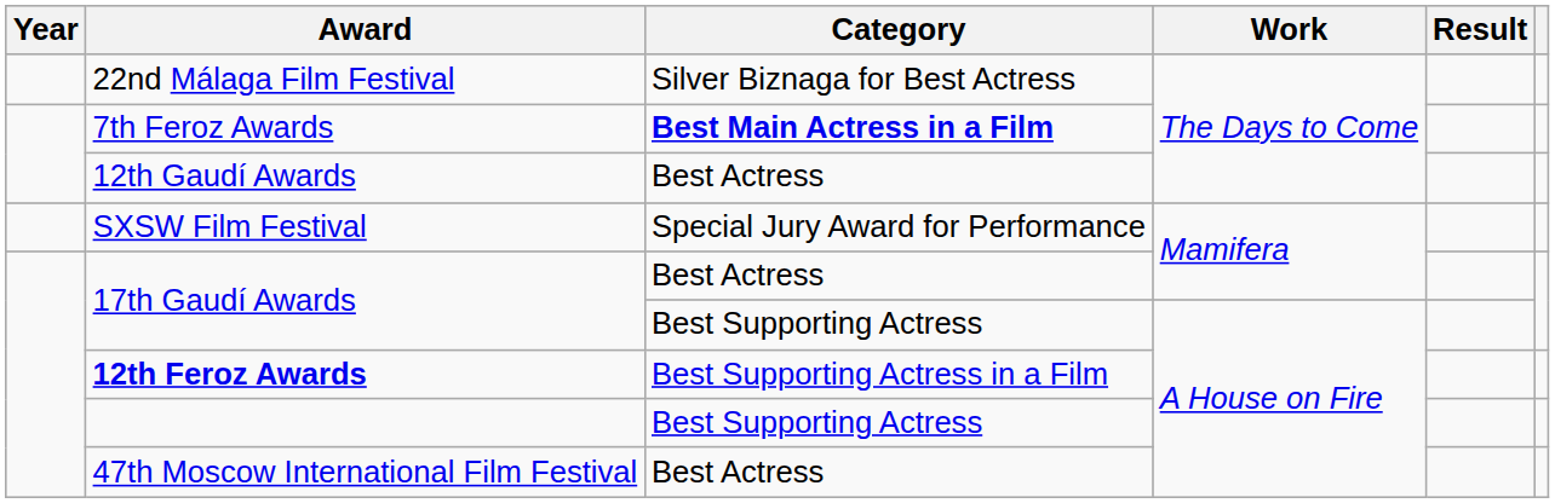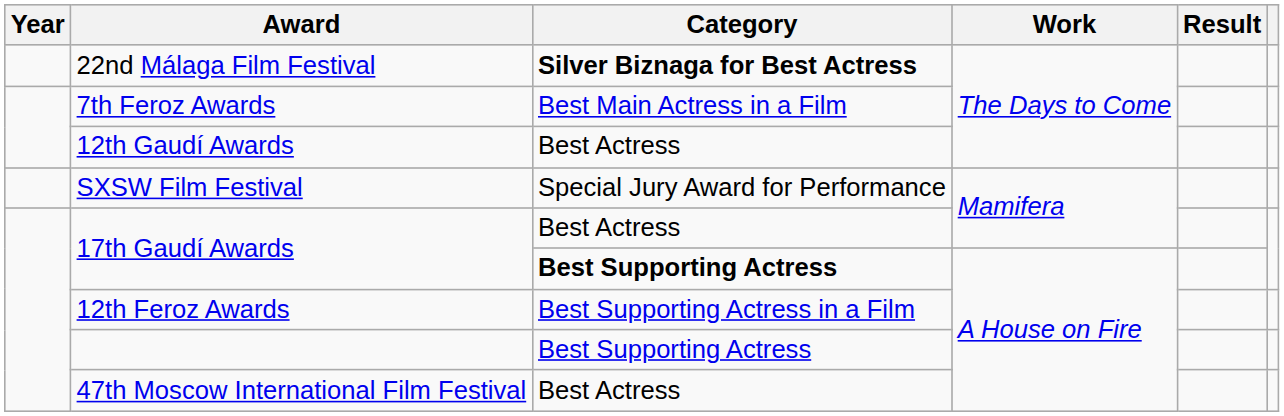 <table class="wikitable sortable plainrowheaders">
 <tr>
 <th>Year</th>
 <th>Award</th>
 <th>Category</th>
 <th>Work</th>
 <th>Result</th>
 <th scope="col" class="unsortable"></th>
 </tr>
 <tr>
 <td></td>
 <td>22nd <a href='#'>Málaga Film Festival</a></td>
-<td>Silver Biznaga for Best Actress</td>
+<td><strong>Silver Biznaga for Best Actress</strong></td>
 <td rowspan = "3"><em><a href='#'>The Days to Come</a></em></td>
 <td></td>
 <td></td>
 </tr>
 <tr>
 <td rowspan = "2"></td>
 <td><a href='#'>7th Feroz Awards</a></td>
-<td><strong><a href='#'>Best Main Actress in a Film</a></strong></td>
+<td><a href='#'>Best Main Actress in a Film</a></td>
 <td></td>
 <td></td>
 </tr>
 <tr>
 <td><a href='#'>12th Gaudí Awards</a></td>
 <td>Best Actress</td>
 <td></td>
 <td></td>
 </tr>
 <tr>
 <td></td>
 <td><a href='#'>SXSW Film Festival</a></td>
 <td>Special Jury Award for Performance</td>
 <td rowspan = "2"><em><a href='#'>Mamifera</a></em></td>
 <td></td>
 <td></td>
 </tr>
 <tr>
 <td rowspan = "5"></td>
 <td rowspan = "2"><a href='#'>17th Gaudí Awards</a></td>
 <td>Best Actress</td>
 <td></td>
 <td rowspan = "2"></td>
 </tr>
 <tr>
-<td>Best Supporting Actress</td>
+<td><strong>Best Supporting Actress</strong></td>
 <td rowspan = "4"><em><a href='#'>A House on Fire</a></em></td>
 <td></td>
 </tr>
 <tr>
-<td><strong><a href='#'>12th Feroz Awards</a></strong></td>
+<td><a href='#'>12th Feroz Awards</a></td>
 <td><a href='#'>Best Supporting Actress in a Film</a></td>
 <td></td>
 <td></td>
 </tr>
 <tr>
 <td></td>
 <td><a href='#'>Best Supporting Actress</a></td>
 <td></td>
 <td></td>
 </tr>
 <tr>
 <td><a href='#'>47th Moscow International Film Festival</a></td>
 <td>Best Actress</td>
 <td></td>
 <td></td>
 </tr>
 </table>
